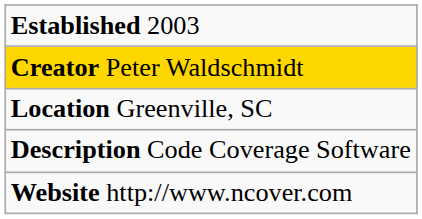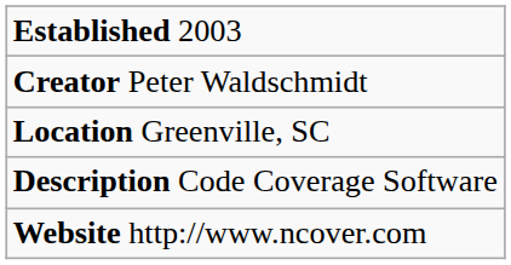 <table class="wikitable" border="0" align= "right">
 <tr>
 <td><strong>Established</strong>  2003</td>
 </tr>
 <tr>
-<td style="background: gold;"><strong>Creator</strong>  Peter Waldschmidt</td>
+<td><strong>Creator</strong>  Peter Waldschmidt</td>
 </tr>
 <tr>
 <td><strong>Location</strong>  Greenville, SC</td>
 </tr>
 <tr>
 <td><strong>Description</strong> Code Coverage Software</td>
 </tr>
 <tr>
 <td><strong>Website</strong> http://www.ncover.com</td>
 </tr>
 </table>
